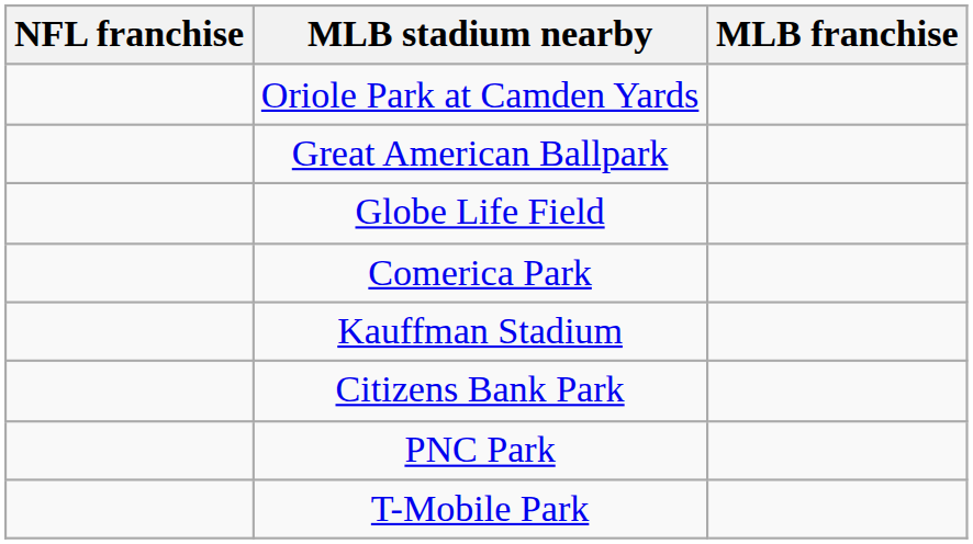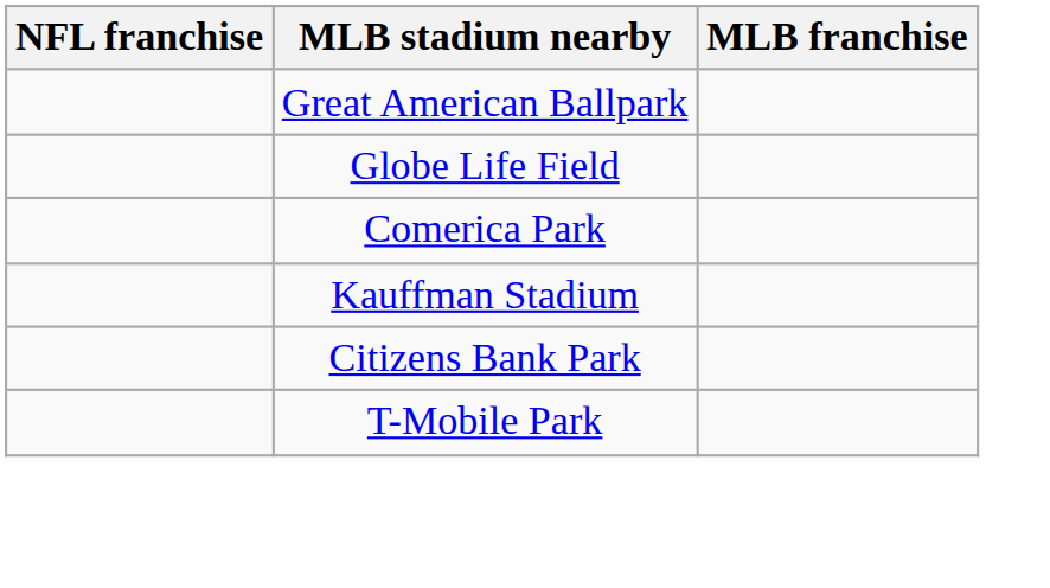 <table class="wikitable" style="text-align:center;">
 <tr>
 <th>NFL franchise</th>
 <th>MLB stadium nearby</th>
 <th>MLB franchise</th>
-</tr>
-<tr>
-<td><a href='#'></a></td>
-<td><a href='#'>Oriole Park at Camden Yards</a></td>
-<td><a href='#'></a></td>
 </tr>
 <tr>
 <td><a href='#'></a></td>
 <td><a href='#'>Great American Ballpark</a></td>
 <td><a href='#'></a></td>
 </tr>
 <tr>
 <td><a href='#'></a></td>
 <td><a href='#'>Globe Life Field</a></td>
 <td><a href='#'></a></td>
 </tr>
 <tr>
 <td><a href='#'></a></td>
 <td><a href='#'>Comerica Park</a></td>
 <td><a href='#'></a></td>
 </tr>
 <tr>
 <td><a href='#'></a></td>
 <td><a href='#'>Kauffman Stadium</a></td>
 <td><a href='#'></a></td>
 </tr>
 <tr>
 <td><a href='#'></a></td>
 <td><a href='#'>Citizens Bank Park</a></td>
 <td><a href='#'></a></td>
 </tr>
 <tr>
 <td><a href='#'></a></td>
-<td><a href='#'>PNC Park</a></td>
-<td><a href='#'></a></td>
-</tr>
-<tr>
-<td><a href='#'></a></td>
 <td><a href='#'>T-Mobile Park</a></td>
 <td><a href='#'></a></td>
 </tr>
 </table>
